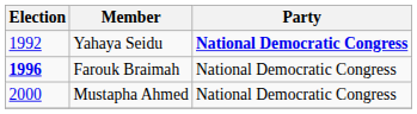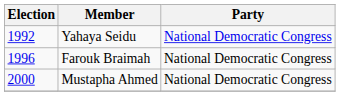 <table class="wikitable">
 <tr>
 <th>Election</th>
 <th>Member</th>
 <th>Party</th>
 </tr>
 <tr>
 <td><a href='#'>1992</a></td>
 <td>Yahaya Seidu</td>
-<td><strong><a href='#'>National Democratic Congress</a></strong></td>
+<td><a href='#'>National Democratic Congress</a></td>
 </tr>
 <tr>
-<td><strong><a href='#'>1996</a></strong></td>
+<td><a href='#'>1996</a></td>
 <td>Farouk Braimah</td>
 <td>National Democratic Congress</td>
 </tr>
 <tr>
 <td><a href='#'>2000</a></td>
 <td>Mustapha Ahmed</td>
 <td>National Democratic Congress</td>
 </tr>
 <tr>
 </tr>
 </table>
